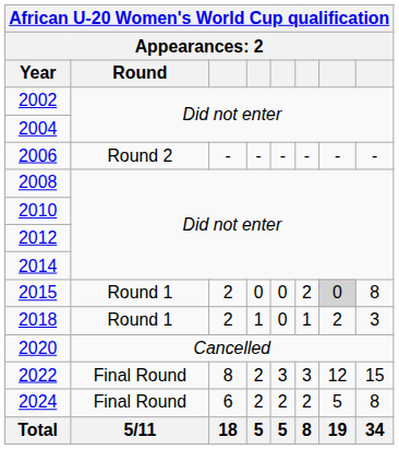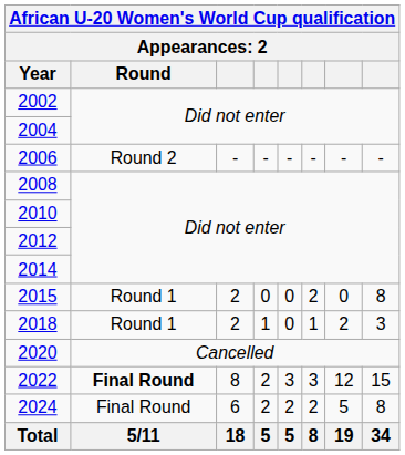 <table class="wikitable" style="text-align: center;">
 <tr>
 <th colspan=8><a href='#'>African U-20 Women's World Cup qualification</a></th>
 </tr>
 <tr>
 <th colspan=8>Appearances: 2</th>
 </tr>
 <tr>
 <th>Year</th>
 <th>Round</th>
 <th></th>
 <th></th>
 <th></th>
 <th></th>
 <th></th>
 <th></th>
 </tr>
 <tr>
 <td><a href='#'>2002</a></td>
 <td colspan=7 rowspan=2><em>Did not enter</em></td>
 </tr>
 <tr>
 <td><a href='#'>2004</a></td>
 </tr>
 <tr>
 <td><a href='#'>2006</a></td>
 <td>Round 2</td>
 <td>-</td>
 <td>-</td>
 <td>-</td>
 <td>-</td>
 <td>-</td>
 <td>-</td>
 </tr>
 <tr>
 <td><a href='#'>2008</a></td>
 <td colspan=7 rowspan=4><em>Did not enter</em></td>
 </tr>
 <tr>
 <td><a href='#'>2010</a></td>
 </tr>
 <tr>
 <td><a href='#'>2012</a></td>
 </tr>
 <tr>
 <td><a href='#'>2014</a></td>
 </tr>
 <tr>
 <td><a href='#'>2015</a></td>
 <td>Round 1</td>
 <td>2</td>
 <td>0</td>
 <td>0</td>
 <td>2</td>
-<td style="background: lightgrey;">0</td>
+<td>0</td>
 <td>8</td>
 </tr>
 <tr>
 <td><a href='#'>2018</a></td>
 <td>Round 1</td>
 <td>2</td>
 <td>1</td>
 <td>0</td>
 <td>1</td>
 <td>2</td>
 <td>3</td>
 </tr>
 <tr>
 <td><a href='#'>2020</a></td>
 <td colspan=7><em>Cancelled</em></td>
 </tr>
 <tr>
 <td><a href='#'>2022</a></td>
-<td>Final Round</td>
+<td><strong>Final Round</strong></td>
 <td>8</td>
 <td>2</td>
 <td>3</td>
 <td>3</td>
 <td>12</td>
 <td>15</td>
 </tr>
 <tr>
 <td><a href='#'>2024</a></td>
 <td>Final Round</td>
 <td>6</td>
 <td>2</td>
 <td>2</td>
 <td>2</td>
 <td>5</td>
 <td>8</td>
 </tr>
 <tr>
 <th>Total</th>
 <th>5/11</th>
 <th>18</th>
 <th>5</th>
 <th>5</th>
 <th>8</th>
 <th>19</th>
 <th>34</th>
 </tr>
 </table>
